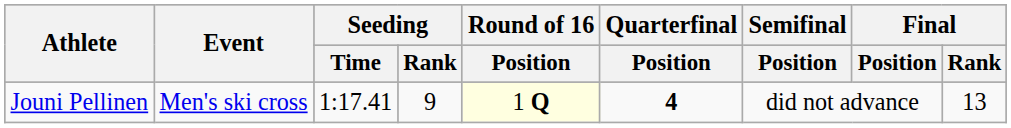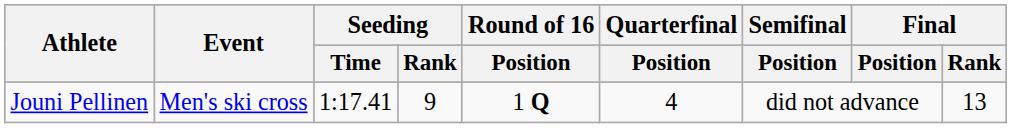 <table class="wikitable" style="font-size:90%">
 <tr>
 <th rowspan="2">Athlete</th>
 <th rowspan="2">Event</th>
 <th colspan="2">Seeding</th>
 <th>Round of 16</th>
 <th>Quarterfinal</th>
 <th>Semifinal</th>
 <th colspan=2>Final</th>
 </tr>
 <tr style="font-size:95%">
 <th>Time</th>
 <th>Rank</th>
 <th>Position</th>
 <th>Position</th>
 <th>Position</th>
 <th>Position</th>
 <th>Rank</th>
 </tr>
 <tr align=center>
 <td align=left><a href='#'>Jouni Pellinen</a></td>
 <td align=left><a href='#'>Men's ski cross</a></td>
 <td>1:17.41</td>
 <td>9</td>
-<td style="background: lightyellow;">1 <strong>Q</strong></td>
-<td><strong>4</strong></td>
+<td>1 <strong>Q</strong></td>
+<td>4</td>
 <td colspan=2>did not advance</td>
 <td>13</td>
 </tr>
 </table>
